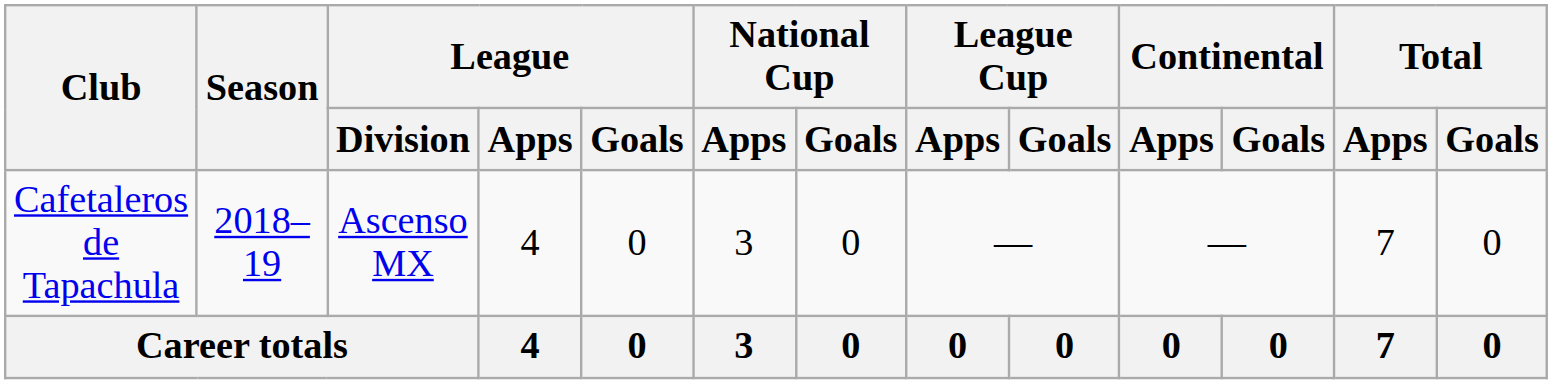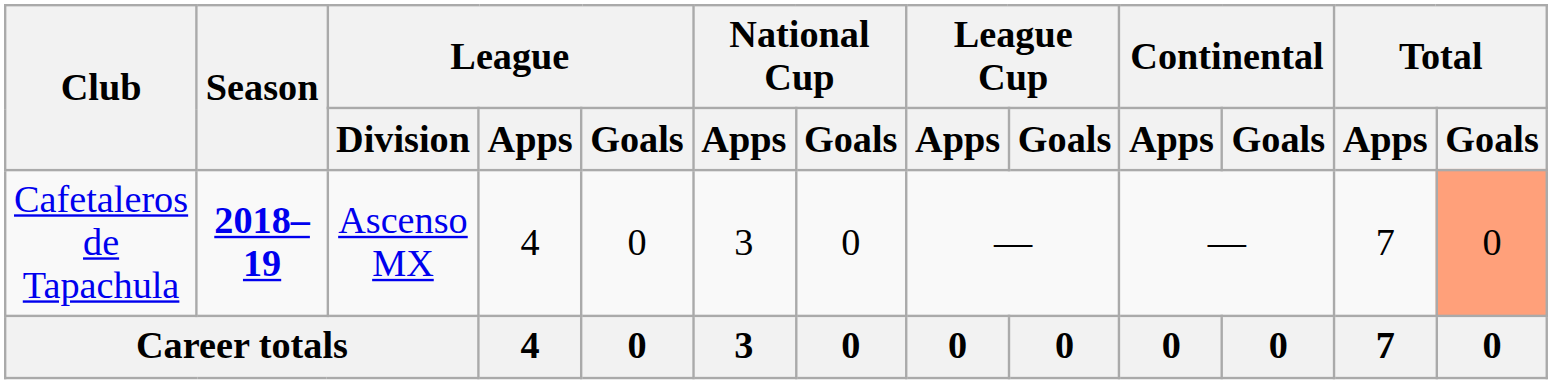 <table class="wikitable" style="text-align: center">
 <tr>
 <th rowspan="2">Club</th>
 <th rowspan="2">Season</th>
 <th colspan="3">League</th>
 <th colspan="2">National Cup</th>
 <th colspan="2">League Cup</th>
 <th colspan="2">Continental</th>
 <th colspan="2">Total</th>
 </tr>
 <tr>
 <th>Division</th>
 <th>Apps</th>
 <th>Goals</th>
 <th>Apps</th>
 <th>Goals</th>
 <th>Apps</th>
 <th>Goals</th>
 <th>Apps</th>
 <th>Goals</th>
 <th>Apps</th>
 <th>Goals</th>
 </tr>
 <tr>
 <td><a href='#'>Cafetaleros de Tapachula</a></td>
-<td><a href='#'>2018–19</a></td>
+<td><strong><a href='#'>2018–19</a></strong></td>
 <td><a href='#'>Ascenso MX</a></td>
 <td>4</td>
 <td>0</td>
 <td>3</td>
 <td>0</td>
 <td colspan="2">—</td>
 <td colspan="2">—</td>
 <td>7</td>
-<td>0</td>
+<td style="background: lightsalmon;">0</td>
 </tr>
 <tr>
 <th colspan="3">Career totals</th>
 <th>4</th>
 <th>0</th>
 <th>3</th>
 <th>0</th>
 <th>0</th>
 <th>0</th>
 <th>0</th>
 <th>0</th>
 <th>7</th>
 <th>0</th>
 </tr>
 </table>
